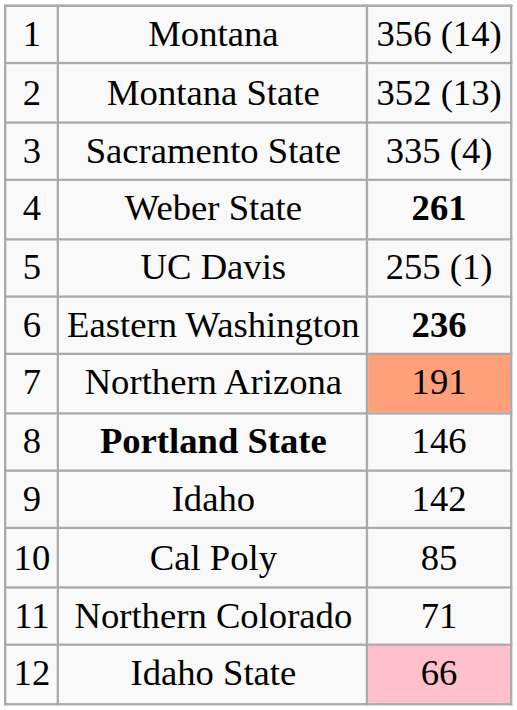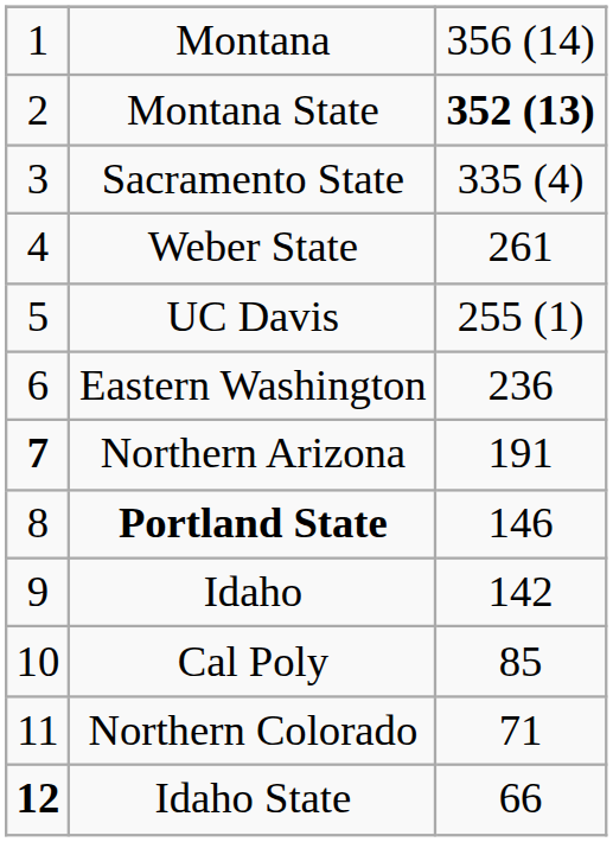 <table class="wikitable" style="display: inline-table;">
 <tr align="center">
 </tr>
 <tr align="center">
 <td>1</td>
 <td>Montana</td>
 <td>356 (14)</td>
 </tr>
 <tr align="center">
 <td>2</td>
 <td>Montana State</td>
-<td>352 (13)</td>
+<td><strong>352 (13)</strong></td>
 </tr>
 <tr align="center">
 <td>3</td>
 <td>Sacramento State</td>
 <td>335 (4)</td>
 </tr>
 <tr align="center">
 <td>4</td>
 <td>Weber State</td>
-<td><strong>261</strong></td>
+<td>261</td>
 </tr>
 <tr align="center">
 <td>5</td>
 <td>UC Davis</td>
 <td>255 (1)</td>
 </tr>
 <tr align="center">
 <td>6</td>
 <td>Eastern Washington</td>
-<td><strong>236</strong></td>
+<td>236</td>
 </tr>
 <tr align="center">
-<td>7</td>
+<td><strong>7</strong></td>
 <td>Northern Arizona</td>
-<td style="background: lightsalmon;">191</td>
+<td>191</td>
 </tr>
 <tr align="center">
 <td>8</td>
 <td><strong>Portland State</strong></td>
 <td>146</td>
 </tr>
 <tr align="center">
 <td>9</td>
 <td>Idaho</td>
 <td>142</td>
 </tr>
 <tr align="center">
 <td>10</td>
 <td>Cal Poly</td>
 <td>85</td>
 </tr>
 <tr align="center">
 <td>11</td>
 <td>Northern Colorado</td>
 <td>71</td>
 </tr>
 <tr align="center">
-<td>12</td>
+<td><strong>12</strong></td>
 <td>Idaho State</td>
-<td style="background: pink;">66</td>
+<td>66</td>
 </tr>
 </table>
